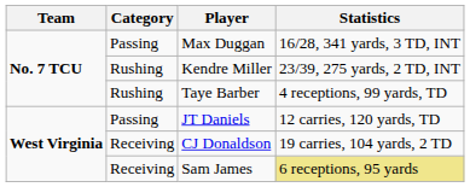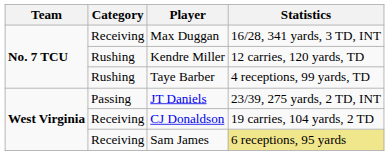 <table class="wikitable" style="float: right;">
 <tr>
 <th>Team</th>
 <th>Category</th>
 <th>Player</th>
 <th>Statistics</th>
 </tr>
 <tr>
 <td rowspan=3><strong>No. 7 TCU</strong></td>
-<td>Passing</td>
+<td>Receiving</td>
 <td>Max Duggan</td>
 <td>16/28, 341 yards, 3 TD, INT</td>
 </tr>
 <tr>
 <td>Rushing</td>
 <td>Kendre Miller</td>
-<td>23/39, 275 yards, 2 TD, INT</td>
+<td>12 carries, 120 yards, TD</td>
 </tr>
 <tr>
 <td>Rushing</td>
 <td>Taye Barber</td>
 <td>4 receptions, 99 yards, TD</td>
 </tr>
 <tr>
 <td rowspan=3><strong>West Virginia</strong></td>
 <td>Passing</td>
 <td><a href='#'>JT Daniels</a></td>
-<td>12 carries, 120 yards, TD</td>
+<td>23/39, 275 yards, 2 TD, INT</td>
 </tr>
 <tr>
 <td>Receiving</td>
 <td><a href='#'>CJ Donaldson</a></td>
 <td>19 carries, 104 yards, 2 TD</td>
 </tr>
 <tr>
 <td>Receiving</td>
 <td>Sam James</td>
 <td style="background: khaki;">6 receptions, 95 yards</td>
 </tr>
 </table>
